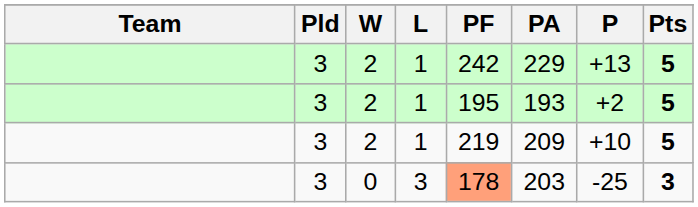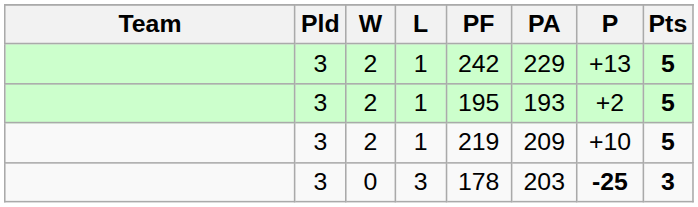 <table class=wikitable>
 <tr align=center>
 </tr>
 <tr>
 <th width=180>Team</th>
 <th width=25>Pld</th>
 <th width=25>W</th>
 <th width=25>L</th>
 <th width=35>PF</th>
 <th width=35>PA</th>
 <th width=35>P</th>
 <th width=25>Pts</th>
 </tr>
 <tr align=center bgcolor="#ccffcc">
 <td align=left></td>
 <td>3</td>
 <td>2</td>
 <td>1</td>
 <td>242</td>
 <td>229</td>
 <td>+13</td>
 <td><strong>5</strong></td>
 </tr>
 <tr align=center bgcolor="#ccffcc">
 <td align=left></td>
 <td>3</td>
 <td>2</td>
 <td>1</td>
 <td>195</td>
 <td>193</td>
 <td>+2</td>
 <td><strong>5</strong></td>
 </tr>
 <tr align=center>
 <td align=left></td>
 <td>3</td>
 <td>2</td>
 <td>1</td>
 <td>219</td>
 <td>209</td>
 <td>+10</td>
 <td><strong>5</strong></td>
 </tr>
 <tr align=center>
 <td align=left></td>
 <td>3</td>
 <td>0</td>
 <td>3</td>
-<td style="background: lightsalmon;">178</td>
+<td>178</td>
 <td>203</td>
-<td>-25</td>
+<td><strong>-25</strong></td>
 <td><strong>3</strong></td>
 </tr>
 </table>
